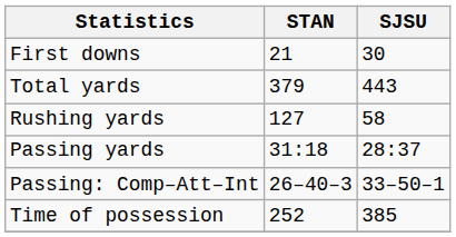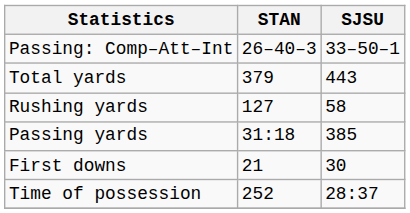 <table class="wikitable" style="float: left;">
 <tr>
 <th>Statistics</th>
 <th>STAN</th>
 <th>SJSU</th>
 </tr>
 <tr>
-<td>First downs</td>
-<td>21</td>
-<td>30</td>
+<td>Passing: Comp–Att–Int</td>
+<td>26–40–3</td>
+<td>33–50–1</td>
 </tr>
 <tr>
 <td>Total yards</td>
 <td>379</td>
 <td>443</td>
 </tr>
 <tr>
 <td>Rushing yards</td>
 <td>127</td>
 <td>58</td>
 </tr>
 <tr>
 <td>Passing yards</td>
 <td>31:18</td>
-<td>28:37</td>
+<td>385</td>
 </tr>
 <tr>
-<td>Passing: Comp–Att–Int</td>
-<td>26–40–3</td>
-<td>33–50–1</td>
+<td>First downs</td>
+<td>21</td>
+<td>30</td>
 </tr>
 <tr>
 <td>Time of possession</td>
 <td>252</td>
-<td>385</td>
+<td>28:37</td>
 </tr>
 <tr>
 </tr>
 </table>
